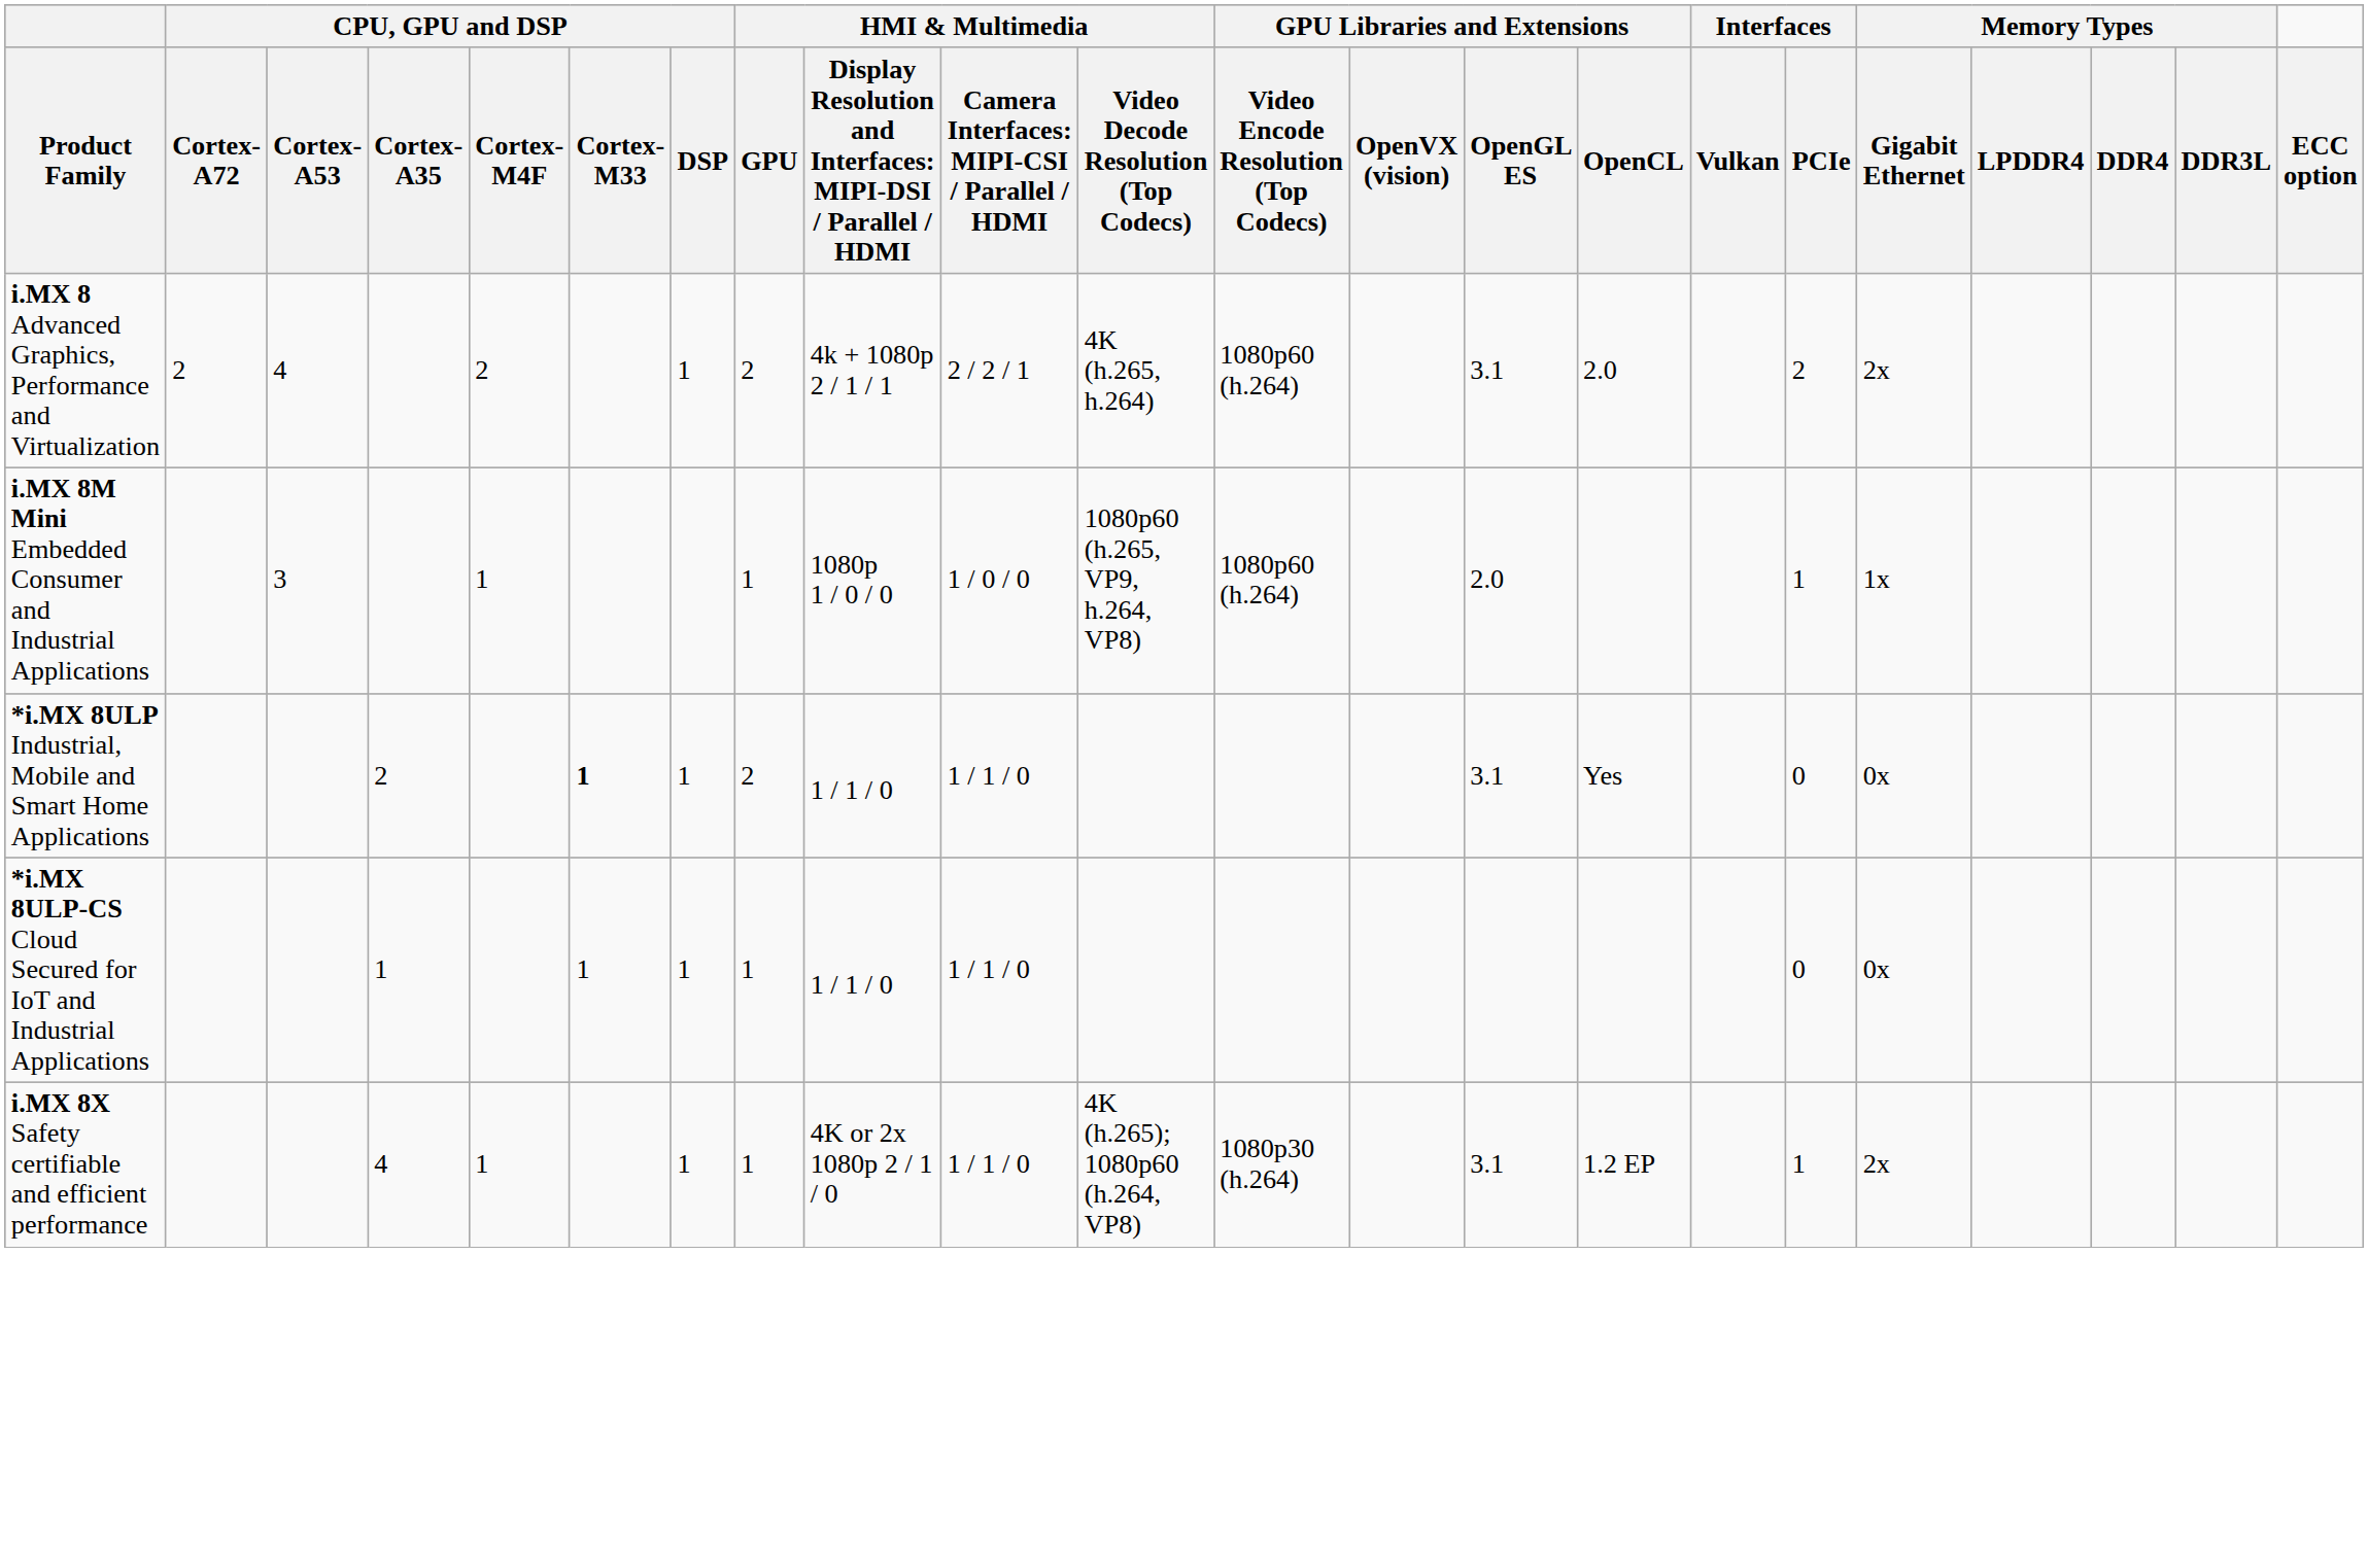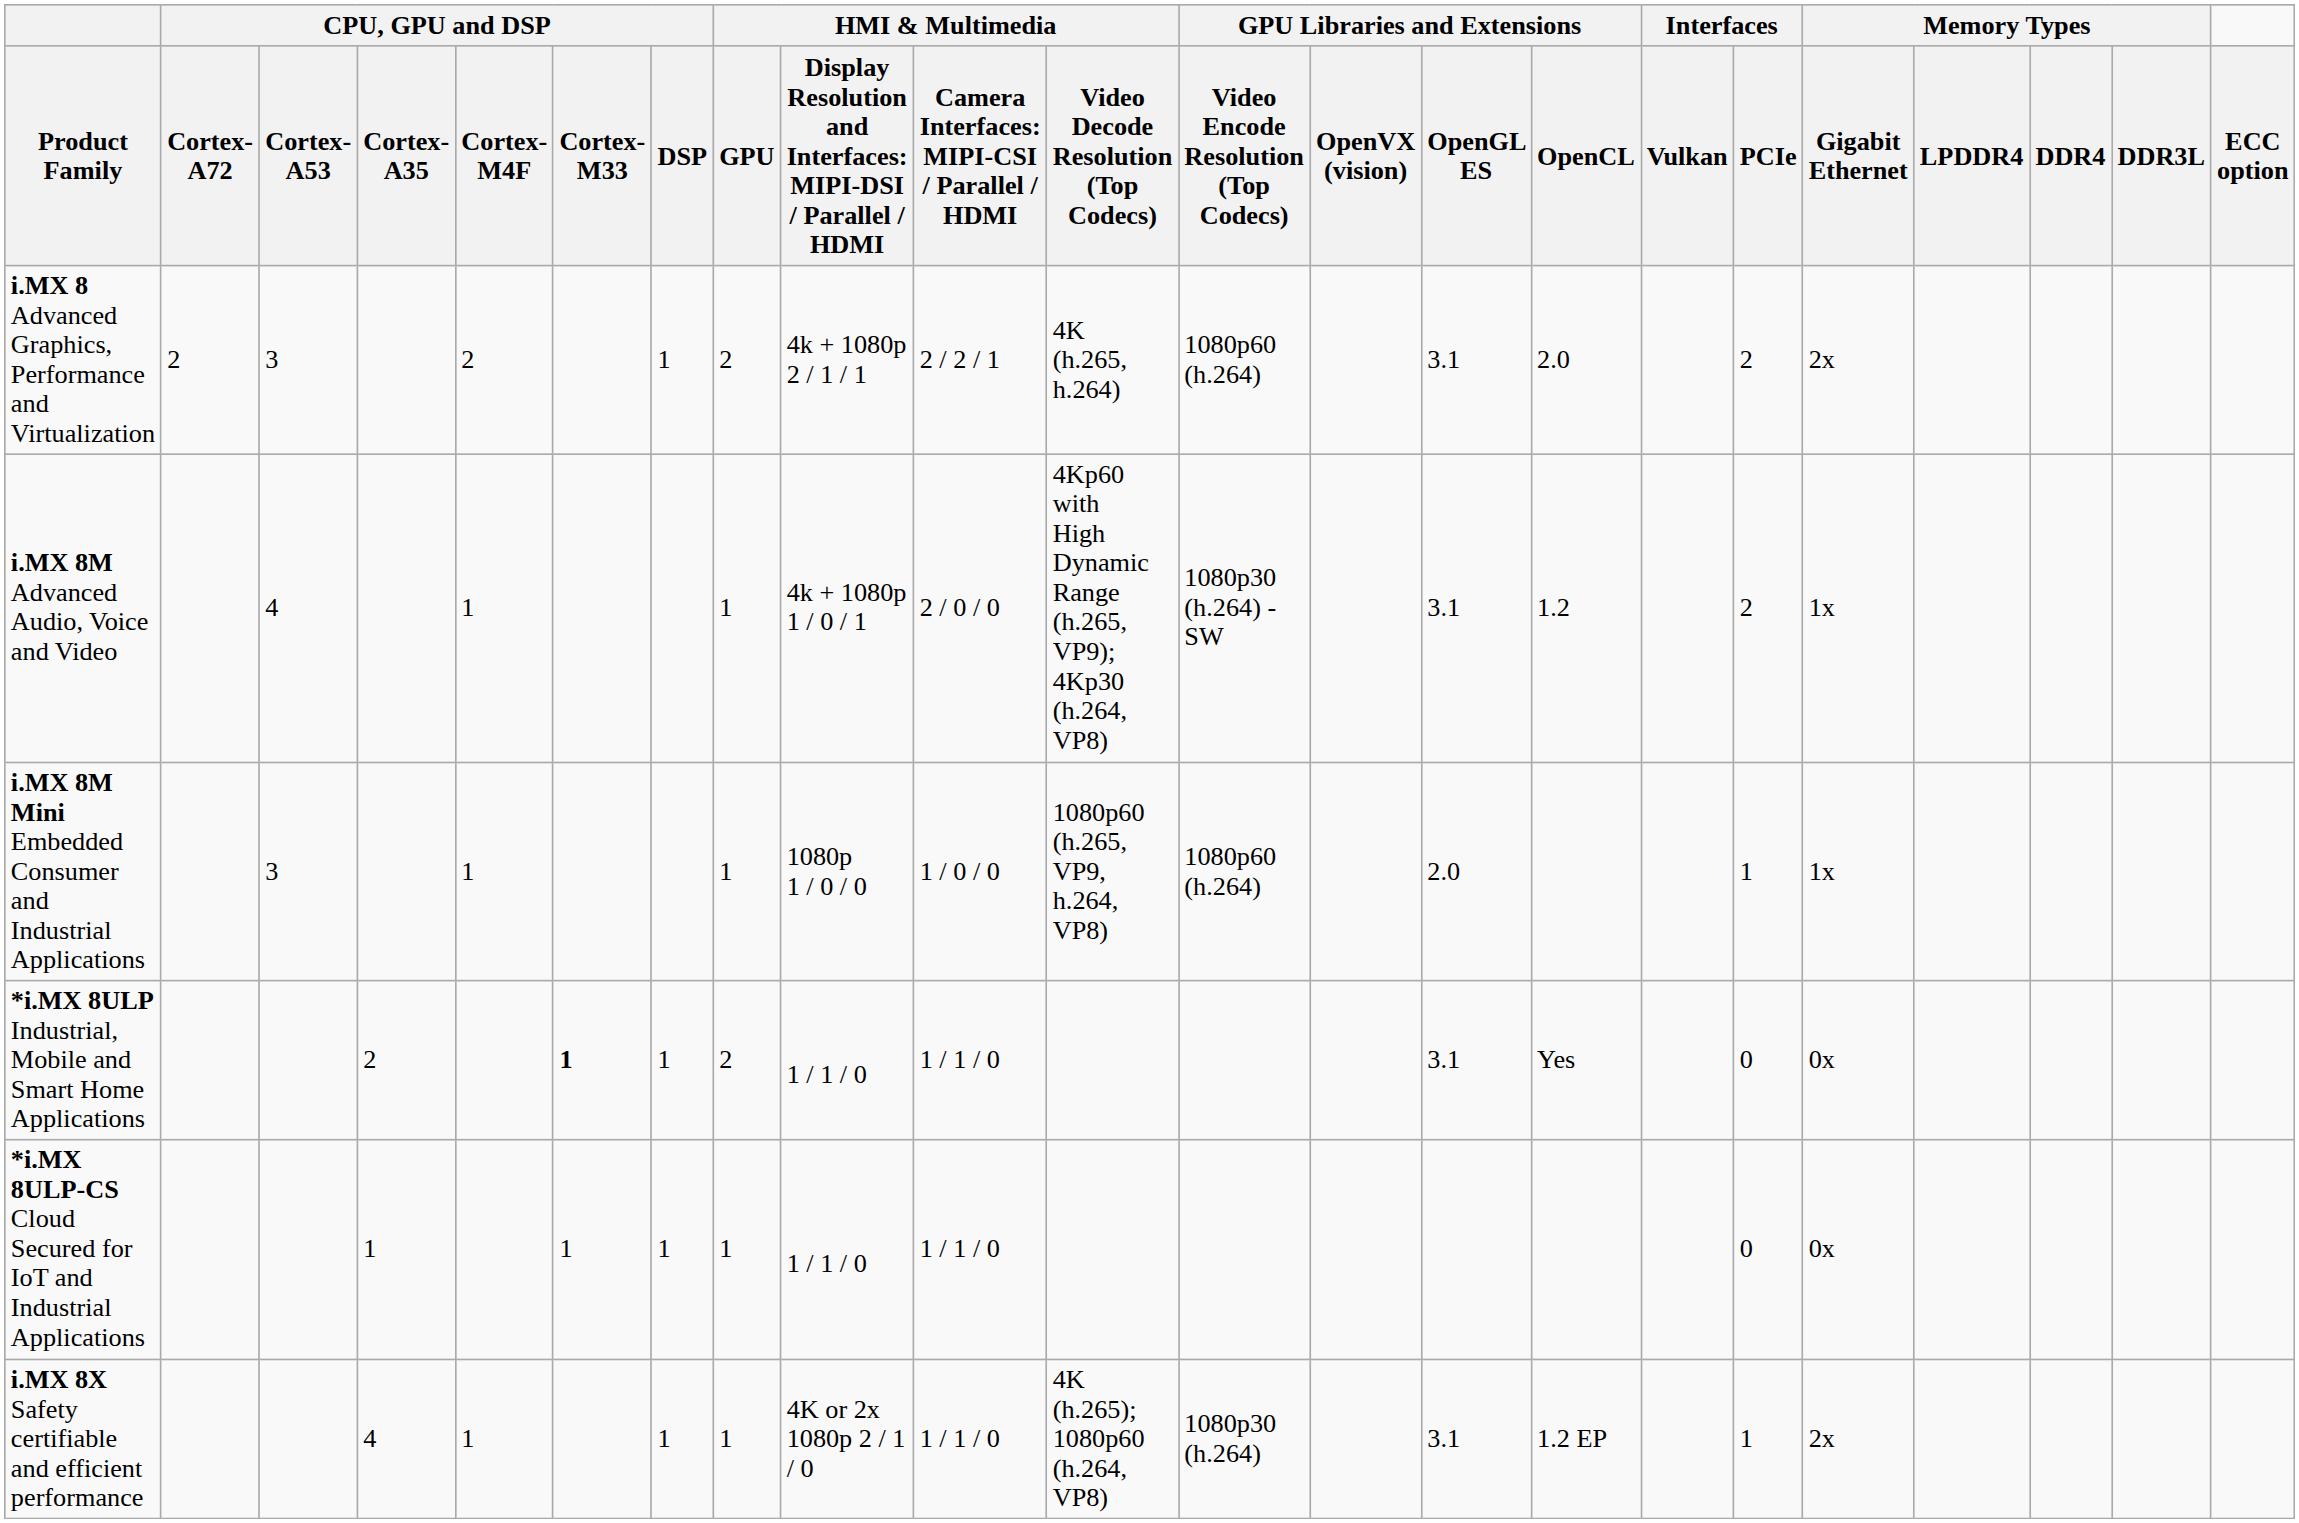 <table class="wikitable">
 <tr>
 <th></th>
 <th colspan="6">CPU, GPU and DSP</th>
 <th colspan="4">HMI & Multimedia</th>
 <th colspan="4">GPU Libraries and Extensions</th>
 <th colspan="2">Interfaces</th>
 <th colspan="4">Memory Types</th>
 </tr>
 <tr>
 <th>Product Family</th>
 <th>Cortex-A72</th>
 <th>Cortex-A53</th>
 <th>Cortex-A35</th>
 <th>Cortex-M4F</th>
 <th>Cortex-M33</th>
 <th>DSP</th>
 <th>GPU</th>
 <th>Display Resolution and Interfaces:<br>MIPI-DSI / Parallel /<br>HDMI</th>
 <th>Camera Interfaces: MIPI-CSI / Parallel /<br>HDMI</th>
 <th>Video Decode<br>Resolution<br>(Top Codecs)</th>
 <th>Video Encode<br>Resolution<br>(Top Codecs)</th>
 <th>OpenVX (vision)</th>
 <th>OpenGL ES</th>
 <th>OpenCL</th>
 <th>Vulkan</th>
 <th>PCIe</th>
 <th>Gigabit Ethernet</th>
 <th>LPDDR4</th>
 <th>DDR4</th>
 <th>DDR3L</th>
 <th>ECC option</th>
 </tr>
 <tr>
 <td><strong>i.MX 8</strong> Advanced Graphics, Performance and Virtualization</td>
 <td>2</td>
-<td>4</td>
+<td>3</td>
 <td></td>
 <td>2</td>
 <td></td>
 <td>1</td>
 <td>2</td>
 <td>4k + 1080p<br>2 / 1 / 1</td>
 <td>2 / 2 / 1</td>
 <td>4K<br>(h.265, h.264)</td>
 <td>1080p60<br>(h.264)</td>
 <td></td>
 <td>3.1</td>
 <td>2.0</td>
 <td></td>
 <td>2</td>
 <td>2x</td>
+<td></td>
+<td></td>
+<td></td>
+<td></td>
+</tr>
+<tr>
+<td><strong>i.MX 8M</strong> Advanced Audio, Voice and Video</td>
+<td></td>
+<td>4</td>
+<td></td>
+<td>1</td>
+<td></td>
+<td></td>
+<td>1</td>
+<td>4k + 1080p<br>1 / 0 / 1</td>
+<td>2 / 0 / 0</td>
+<td>4Kp60 with<br>High Dynamic Range (h.265, VP9); 4Kp30 (h.264, VP8)</td>
+<td>1080p30<br>(h.264) - SW</td>
+<td></td>
+<td>3.1</td>
+<td>1.2</td>
+<td></td>
+<td>2</td>
+<td>1x</td>
 <td></td>
 <td></td>
 <td></td>
 <td></td>
 </tr>
 <tr>
 <td><strong>i.MX 8M Mini</strong> Embedded Consumer and Industrial Applications</td>
 <td></td>
 <td>3</td>
 <td></td>
 <td>1</td>
 <td></td>
 <td></td>
 <td>1</td>
 <td>1080p<br>1 / 0 / 0</td>
 <td>1 / 0 / 0</td>
 <td>1080p60<br>(h.265, VP9, h.264, VP8)</td>
 <td>1080p60<br>(h.264)</td>
 <td></td>
 <td>2.0</td>
 <td></td>
 <td></td>
 <td>1</td>
 <td>1x</td>
 <td></td>
 <td></td>
 <td></td>
 <td></td>
 </tr>
 <tr>
 <td><strong>*i.MX 8ULP</strong> Industrial, Mobile and Smart Home Applications</td>
 <td></td>
 <td></td>
 <td>2</td>
 <td></td>
 <td><strong>1</strong></td>
 <td>1</td>
 <td>2</td>
 <td><br>1 / 1 / 0</td>
 <td>1 / 1 / 0</td>
 <td></td>
 <td></td>
 <td></td>
 <td>3.1</td>
 <td>Yes</td>
 <td></td>
 <td>0</td>
 <td>0x</td>
 <td></td>
 <td></td>
 <td></td>
 <td></td>
 </tr>
 <tr>
 <td><strong>*i.MX 8ULP-CS</strong> Cloud Secured for IoT and Industrial Applications</td>
 <td></td>
 <td></td>
 <td>1</td>
 <td></td>
 <td>1</td>
 <td>1</td>
 <td>1</td>
 <td><br>1 / 1 / 0</td>
 <td>1 / 1 / 0</td>
 <td></td>
 <td></td>
 <td></td>
 <td></td>
 <td></td>
 <td></td>
 <td>0</td>
 <td>0x</td>
 <td></td>
 <td></td>
 <td></td>
 <td></td>
 </tr>
 <tr>
 <td><strong>i.MX 8X</strong> Safety certifiable and efficient performance</td>
 <td></td>
 <td></td>
 <td>4</td>
 <td>1</td>
 <td></td>
 <td>1</td>
 <td>1</td>
 <td>4K or 2x<br>1080p 2 / 1 / 0</td>
 <td>1 / 1 / 0</td>
 <td>4K (h.265);<br>1080p60 (h.264, VP8)</td>
 <td>1080p30<br>(h.264)</td>
 <td></td>
 <td>3.1</td>
 <td>1.2 EP</td>
 <td></td>
 <td>1</td>
 <td>2x</td>
 <td></td>
 <td></td>
 <td></td>
 <td></td>
 </tr>
 </table>
